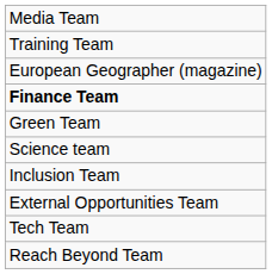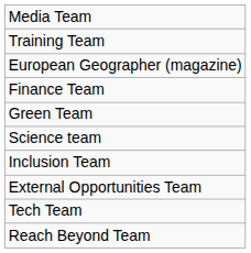 <table class="wikitable sortable">
 <tr>
 <td>Media Team</td>
 </tr>
 <tr>
 <td>Training Team</td>
 </tr>
 <tr>
 <td>European Geographer (magazine)</td>
 </tr>
 <tr>
-<td><strong>Finance Team</strong></td>
+<td>Finance Team</td>
 </tr>
 <tr>
 <td>Green Team</td>
 </tr>
 <tr>
 <td>Science team</td>
 </tr>
 <tr>
 <td>Inclusion Team</td>
 </tr>
 <tr>
 <td>External Opportunities Team</td>
 </tr>
 <tr>
 <td>Tech Team</td>
 </tr>
 <tr>
 <td>Reach Beyond Team</td>
 </tr>
 </table>
